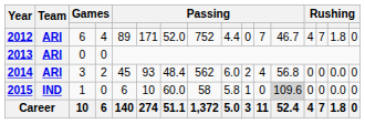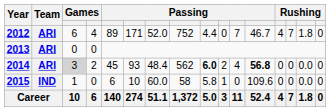 <table class="wikitable" style="text-align:center;">
 <tr>
 <th rowspan="2">Year</th>
 <th rowspan="2">Team</th>
 <th colspan="2">Games</th>
 <th colspan="8">Passing</th>
 <th colspan="4">Rushing</th>
 </tr>
 <tr>
 <th></th>
 <th></th>
 <th></th>
 <th></th>
 <th></th>
 <th></th>
 <th></th>
 <th></th>
 <th></th>
 <th></th>
 <th></th>
 <th></th>
 <th></th>
 <th></th>
 </tr>
 <tr>
 <th><a href='#'>2012</a></th>
 <th><a href='#'>ARI</a></th>
 <td>6</td>
 <td>4</td>
 <td>89</td>
 <td>171</td>
 <td>52.0</td>
 <td>752</td>
 <td>4.4</td>
 <td>0</td>
 <td>7</td>
 <td>46.7</td>
 <td>4</td>
 <td>7</td>
 <td>1.8</td>
 <td>0</td>
 </tr>
 <tr>
 <th><a href='#'>2013</a></th>
 <th><a href='#'>ARI</a></th>
 <td>0</td>
 <td>0</td>
 <td colspan="12"></td>
 </tr>
 <tr>
 <th><a href='#'>2014</a></th>
 <th><a href='#'>ARI</a></th>
-<td>3</td>
+<td style="background: lightgrey;">3</td>
 <td>2</td>
 <td>45</td>
 <td>93</td>
 <td>48.4</td>
 <td>562</td>
-<td>6.0</td>
+<td><strong>6.0</strong></td>
 <td>2</td>
 <td>4</td>
-<td>56.8</td>
+<td><strong>56.8</strong></td>
 <td>0</td>
 <td>0</td>
 <td>0.0</td>
 <td>0</td>
 </tr>
 <tr>
 <th><a href='#'>2015</a></th>
 <th><a href='#'>IND</a></th>
 <td>1</td>
 <td>0</td>
 <td>6</td>
 <td>10</td>
 <td>60.0</td>
 <td>58</td>
 <td>5.8</td>
 <td>1</td>
 <td>0</td>
-<td style="background: lightgrey;">109.6</td>
+<td>109.6</td>
 <td>0</td>
 <td>0</td>
 <td>0.0</td>
 <td>0</td>
 </tr>
 <tr>
 <th colspan="2">Career</th>
 <th>10</th>
 <th>6</th>
 <th>140</th>
 <th>274</th>
 <th>51.1</th>
 <th>1,372</th>
 <th>5.0</th>
 <th>3</th>
 <th>11</th>
 <th>52.4</th>
 <th>4</th>
 <th>7</th>
 <th>1.8</th>
 <th>0</th>
 </tr>
 </table>
